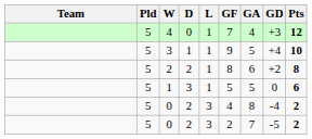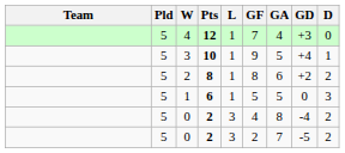 <table class="wikitable" style="text-align:center;">
 <tr>
 <th width=175>Team</th>
 <th width=20 abbr="Played">Pld</th>
 <th width=20 abbr="Won">W</th>
-<th width=20 abbr="Drawn">D</th>
+<th width=20 abbr="Points">Pts</th>
 <th width=20 abbr="Lost">L</th>
 <th width=20 abbr="Goals for">GF</th>
 <th width=20 abbr="Goals against">GA</th>
 <th width=20 abbr="Goal difference">GD</th>
-<th width=20 abbr="Points">Pts</th>
+<th width=20 abbr="Drawn">D</th>
 </tr>
 <tr bgcolor=#ccffcc>
 <td align=left></td>
 <td>5</td>
 <td>4</td>
-<td>0</td>
+<td><strong>12</strong></td>
 <td>1</td>
 <td>7</td>
 <td>4</td>
 <td>+3</td>
-<td><strong>12</strong></td>
+<td>0</td>
 </tr>
 <tr>
 <td align=left></td>
 <td>5</td>
 <td>3</td>
-<td>1</td>
+<td><strong>10</strong></td>
 <td>1</td>
 <td>9</td>
 <td>5</td>
 <td>+4</td>
-<td><strong>10</strong></td>
+<td>1</td>
 </tr>
 <tr>
 <td align=left></td>
 <td>5</td>
 <td>2</td>
-<td>2</td>
+<td><strong>8</strong></td>
 <td>1</td>
 <td>8</td>
 <td>6</td>
 <td>+2</td>
-<td><strong>8</strong></td>
+<td>2</td>
 </tr>
 <tr>
 <td align=left></td>
 <td>5</td>
 <td>1</td>
-<td>3</td>
+<td><strong>6</strong></td>
 <td>1</td>
 <td>5</td>
 <td>5</td>
 <td>0</td>
-<td><strong>6</strong></td>
+<td>3</td>
 </tr>
 <tr>
 <td align=left></td>
 <td>5</td>
 <td>0</td>
-<td>2</td>
+<td><strong>2</strong></td>
 <td>3</td>
 <td>4</td>
 <td>8</td>
 <td>-4</td>
-<td><strong>2</strong></td>
+<td>2</td>
 </tr>
 <tr>
 <td align=left></td>
 <td>5</td>
 <td>0</td>
-<td>2</td>
+<td><strong>2</strong></td>
 <td>3</td>
 <td>2</td>
 <td>7</td>
 <td>-5</td>
-<td><strong>2</strong></td>
+<td>2</td>
 </tr>
 </table>
